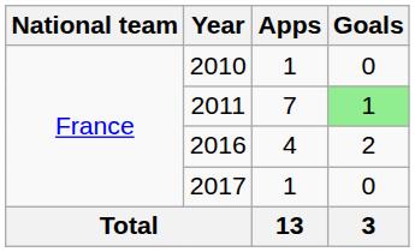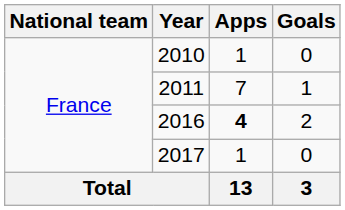 <table class="wikitable" style="text-align:center">
 <tr>
 <th>National team</th>
 <th>Year</th>
 <th>Apps</th>
 <th>Goals</th>
 </tr>
 <tr>
 <td rowspan="4"><a href='#'>France</a></td>
 <td>2010</td>
 <td>1</td>
 <td>0</td>
 </tr>
 <tr>
 <td>2011</td>
 <td>7</td>
-<td style="background: lightgreen;">1</td>
+<td>1</td>
 </tr>
 <tr>
 <td>2016</td>
-<td>4</td>
+<td><strong>4</strong></td>
 <td>2</td>
 </tr>
 <tr>
 <td>2017</td>
 <td>1</td>
 <td>0</td>
 </tr>
 <tr>
 <th colspan="2">Total</th>
 <th>13</th>
 <th>3</th>
 </tr>
 </table>
